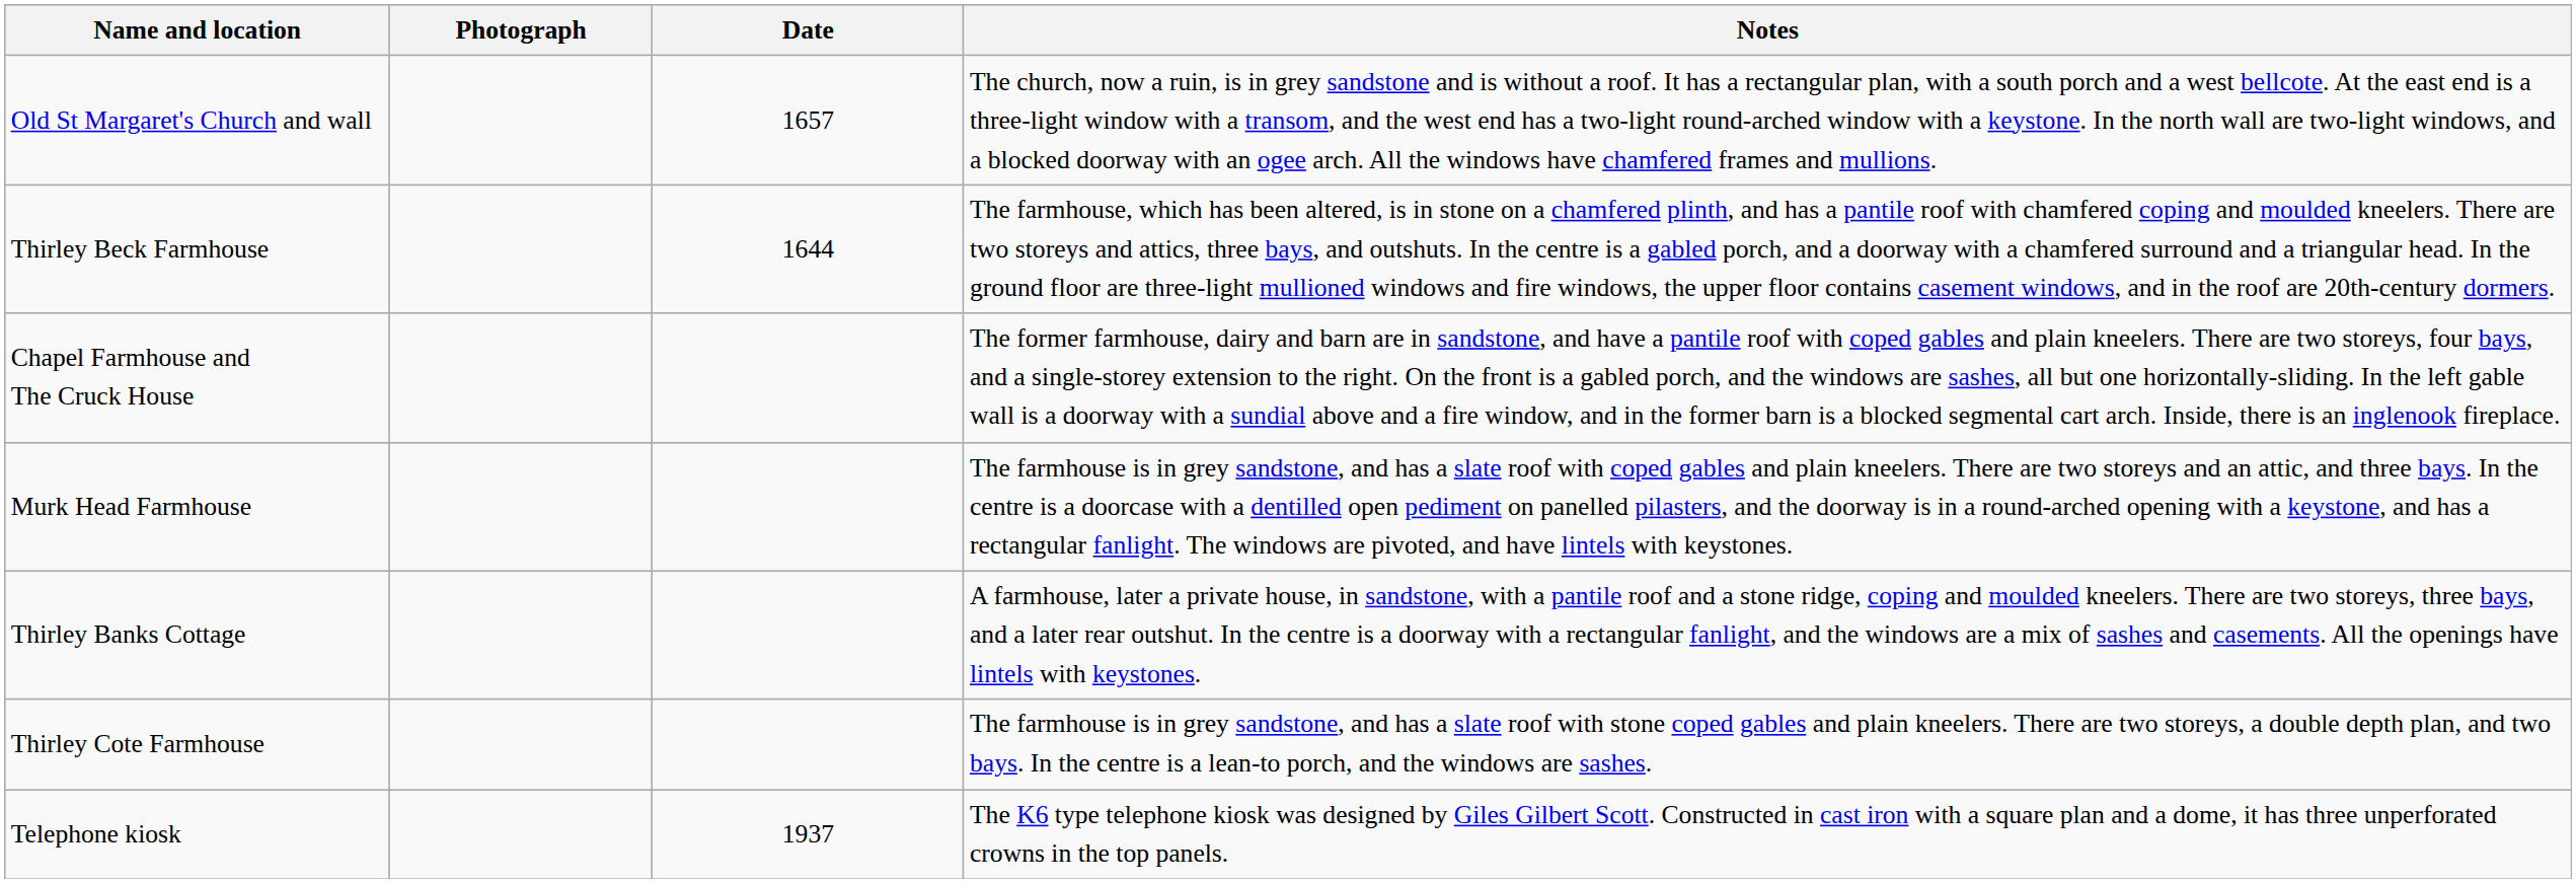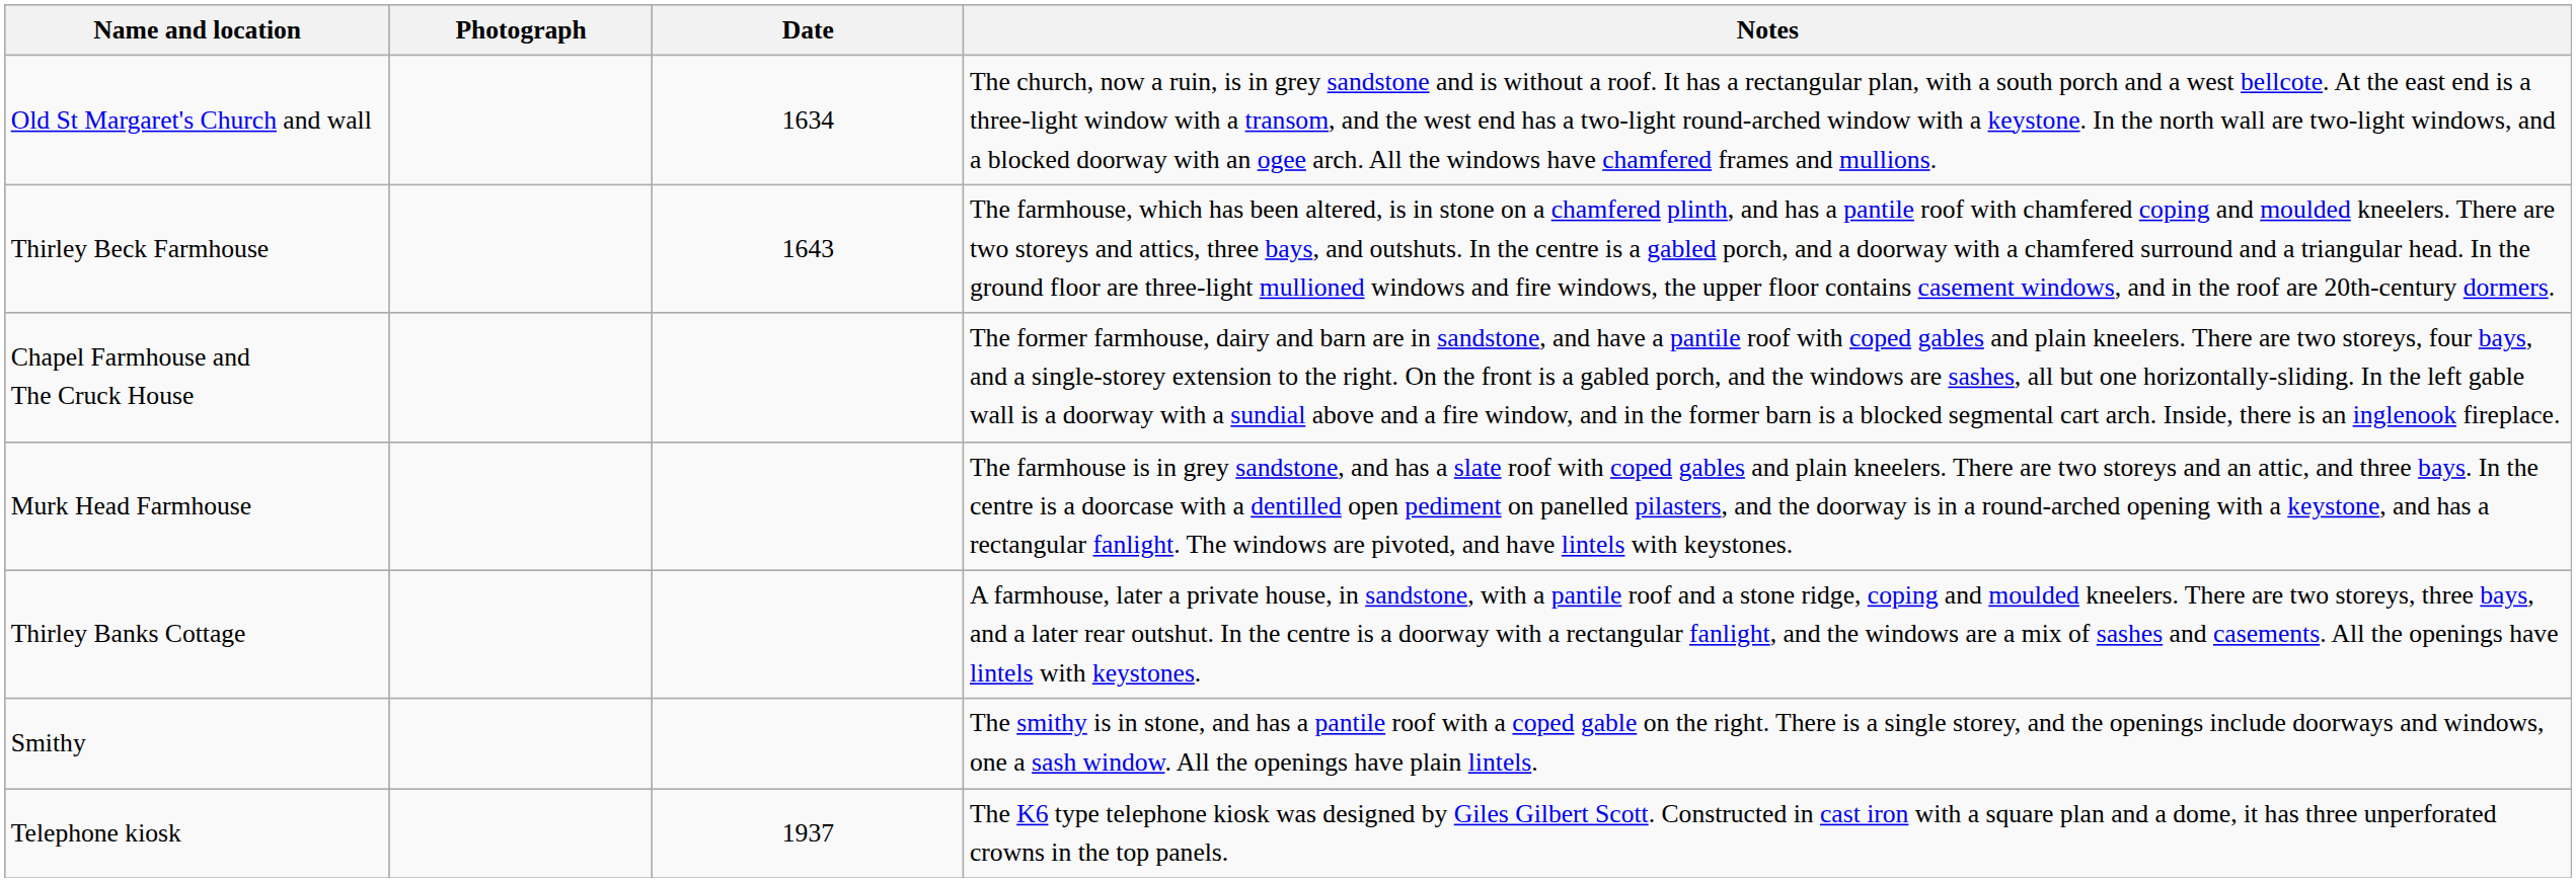 <table class="wikitable sortable plainrowheaders" style="width:100%;border:0px;text-align:left;line-height:150%;">
 <tr>
 <th scope="col"  style="width:150px">Name and location</th>
 <th scope="col"  style="width:100px" class="unsortable">Photograph</th>
 <th scope="col"  style="width:120px">Date</th>
 <th scope="col"  style="width:650px" class="unsortable">Notes</th>
 </tr>
 <tr>
 <td><a href='#'>Old St Margaret's Church</a> and wall<br><small></small></td>
 <td></td>
-<td align="center">1657</td>
+<td align="center">1634</td>
 <td>The church, now a ruin, is in grey <a href='#'>sandstone</a> and is without a roof.  It has a rectangular plan, with a south porch and a west <a href='#'>bellcote</a>.  At the east end is a three-light window with a <a href='#'>transom</a>, and the west end has a two-light round-arched window with a <a href='#'>keystone</a>.  In the north wall are two-light windows, and a blocked doorway with an <a href='#'>ogee</a> arch.  All the windows have <a href='#'>chamfered</a> frames and <a href='#'>mullions</a>.</td>
 </tr>
 <tr>
 <td>Thirley Beck Farmhouse<br><small></small></td>
 <td></td>
-<td align="center">1644</td>
+<td align="center">1643</td>
 <td>The farmhouse, which has been altered, is in stone on a <a href='#'>chamfered</a> <a href='#'>plinth</a>, and has a <a href='#'>pantile</a> roof with chamfered <a href='#'>coping</a> and <a href='#'>moulded</a> kneelers. There are two storeys and attics, three <a href='#'>bays</a>, and outshuts. In the centre is a <a href='#'>gabled</a> porch, and a doorway with a chamfered surround and a triangular head. In the ground floor are three-light <a href='#'>mullioned</a> windows and fire windows, the upper floor contains <a href='#'>casement windows</a>, and in the roof are 20th-century <a href='#'>dormers</a>.</td>
 </tr>
 <tr>
 <td>Chapel Farmhouse and<br>The Cruck House<br><small></small></td>
 <td></td>
 <td align="center"></td>
 <td>The former farmhouse, dairy and barn are in <a href='#'>sandstone</a>, and have a <a href='#'>pantile</a> roof with <a href='#'>coped</a> <a href='#'>gables</a> and plain kneelers. There are two storeys, four <a href='#'>bays</a>, and a single-storey extension to the right. On the front is a gabled porch, and the windows are <a href='#'>sashes</a>, all but one horizontally-sliding. In the left gable wall is a doorway with a <a href='#'>sundial</a> above and a fire window, and in the former barn is a blocked segmental cart arch. Inside, there is an <a href='#'>inglenook</a> fireplace.</td>
 </tr>
 <tr>
 <td>Murk Head Farmhouse<br><small></small></td>
 <td></td>
 <td align="center"></td>
 <td>The farmhouse is in grey <a href='#'>sandstone</a>, and has a <a href='#'>slate</a> roof with <a href='#'>coped</a> <a href='#'>gables</a> and plain kneelers. There are two storeys and an attic, and three <a href='#'>bays</a>. In the centre is a doorcase with a <a href='#'>dentilled</a> open <a href='#'>pediment</a> on panelled <a href='#'>pilasters</a>, and the doorway is in a round-arched opening with a <a href='#'>keystone</a>, and has a rectangular <a href='#'>fanlight</a>. The windows are pivoted, and have <a href='#'>lintels</a> with keystones.</td>
 </tr>
 <tr>
 <td>Thirley Banks Cottage<br><small></small></td>
 <td></td>
 <td align="center"></td>
 <td>A farmhouse, later a private house, in <a href='#'>sandstone</a>, with a <a href='#'>pantile</a> roof and a stone ridge, <a href='#'>coping</a> and <a href='#'>moulded</a> kneelers. There are two storeys, three <a href='#'>bays</a>, and a later rear outshut. In the centre is a doorway with a rectangular <a href='#'>fanlight</a>, and the windows are a mix of <a href='#'>sashes</a> and <a href='#'>casements</a>. All the openings have <a href='#'>lintels</a> with <a href='#'>keystones</a>.</td>
 </tr>
 <tr>
-<td>Thirley Cote Farmhouse<br><small></small></td>
+<td>Smithy<br><small></small></td>
 <td></td>
 <td align="center"></td>
-<td>The farmhouse is in grey <a href='#'>sandstone</a>, and has a <a href='#'>slate</a> roof with stone <a href='#'>coped</a> <a href='#'>gables</a> and plain kneelers. There are two storeys, a double depth plan, and two <a href='#'>bays</a>.  In the centre is a lean-to porch, and the windows are <a href='#'>sashes</a>.</td>
+<td>The <a href='#'>smithy</a> is in stone, and has a <a href='#'>pantile</a> roof with a <a href='#'>coped</a> <a href='#'>gable</a> on the right. There is a single storey, and the openings include doorways and windows, one a <a href='#'>sash window</a>.  All the openings have plain <a href='#'>lintels</a>.</td>
 </tr>
 <tr>
 <td>Telephone kiosk<br><small></small></td>
 <td></td>
 <td align="center">1937</td>
 <td>The <a href='#'>K6</a> type telephone kiosk was designed by <a href='#'>Giles Gilbert Scott</a>.  Constructed in <a href='#'>cast iron</a> with a square plan and a dome, it has three unperforated crowns in the top panels.</td>
 </tr>
 <tr>
 </tr>
 </table>
